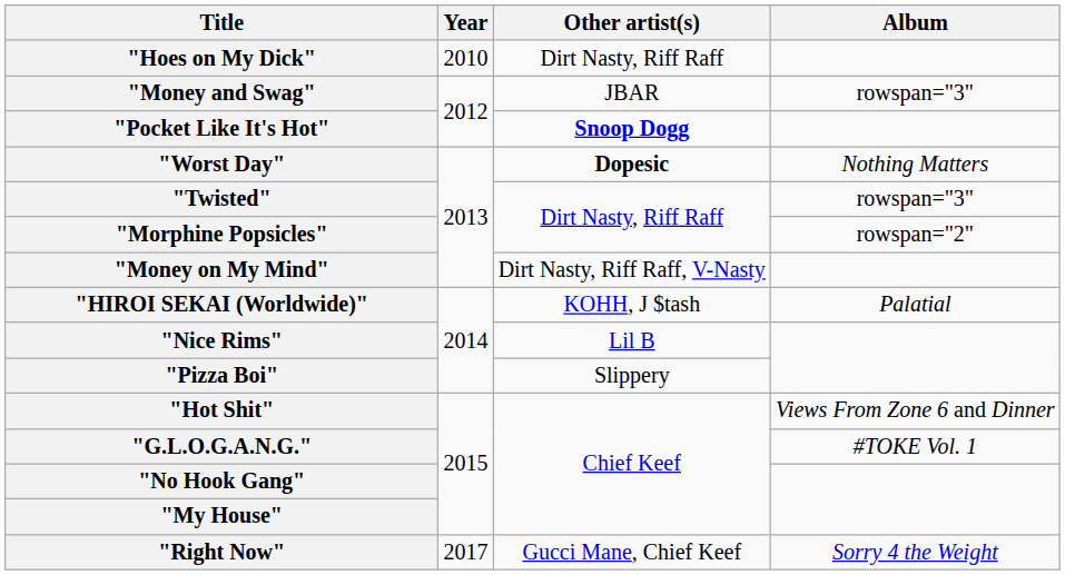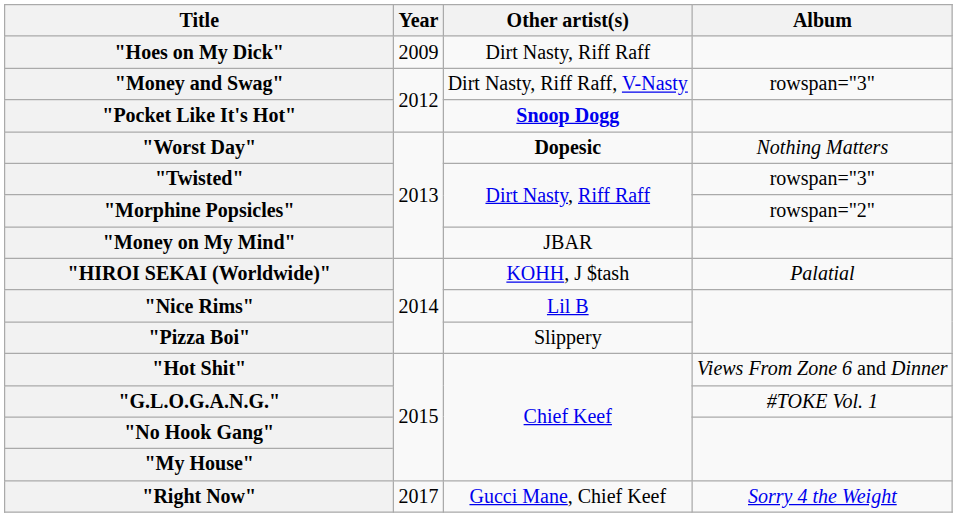 <table class="wikitable plainrowheaders" style="text-align:center;">
 <tr>
 <th scope="col" style="width:19em;">Title</th>
 <th scope="col">Year</th>
 <th scope="col">Other artist(s)</th>
 <th scope="col">Album</th>
 </tr>
 <tr>
 <th scope="row">"Hoes on My Dick"</th>
-<td>2010</td>
+<td>2009</td>
 <td>Dirt Nasty, Riff Raff</td>
 <td></td>
 </tr>
 <tr>
 <th scope="row">"Money and Swag"</th>
 <td rowspan="2">2012</td>
-<td>JBAR</td>
+<td>Dirt Nasty, Riff Raff, <a href='#'>V-Nasty</a></td>
 <td>rowspan="3" </td>
 </tr>
 <tr>
 <th scope="row">"Pocket Like It's Hot"</th>
 <td><strong><a href='#'>Snoop Dogg</a></strong></td>
 <td></td>
 </tr>
 <tr>
 <th scope="row">"Worst Day"</th>
 <td rowspan="4">2013</td>
 <td><strong>Dopesic</strong></td>
 <td><em>Nothing Matters</em></td>
 </tr>
 <tr>
 <th scope="row">"Twisted"</th>
 <td rowspan="2"><a href='#'>Dirt Nasty</a>, <a href='#'>Riff Raff</a></td>
 <td>rowspan="3" </td>
 </tr>
 <tr>
 <th scope="row">"Morphine Popsicles"</th>
 <td>rowspan="2" </td>
 </tr>
 <tr>
 <th scope="row">"Money on My Mind"</th>
-<td>Dirt Nasty, Riff Raff, <a href='#'>V-Nasty</a></td>
+<td>JBAR</td>
 </tr>
 <tr>
 <th scope="row">"HIROI SEKAI (Worldwide)"</th>
 <td rowspan="3">2014</td>
 <td><a href='#'>KOHH</a>, J $tash</td>
 <td><em>Palatial</em></td>
 </tr>
 <tr>
 <th scope="row">"Nice Rims"</th>
 <td><a href='#'>Lil B</a></td>
 </tr>
 <tr>
 <th scope="row">"Pizza Boi"</th>
 <td>Slippery</td>
 </tr>
 <tr>
 <th scope="row">"Hot Shit"</th>
 <td rowspan="4">2015</td>
 <td rowspan="4"><a href='#'>Chief Keef</a></td>
 <td><em>Views From Zone 6</em> and <em>Dinner</em></td>
 </tr>
 <tr>
 <th scope="row">"G.L.O.G.A.N.G."</th>
 <td><em>#TOKE Vol. 1</em></td>
 </tr>
 <tr>
 <th scope="row">"No Hook Gang"</th>
 </tr>
 <tr>
 <th scope="row">"My House"</th>
 </tr>
 <tr>
 <th scope="row">"Right Now"</th>
 <td rowspan="3">2017</td>
 <td><a href='#'>Gucci Mane</a>, Chief Keef</td>
 <td><em><a href='#'>Sorry 4 the Weight</a></em></td>
 </tr>
 </table>
